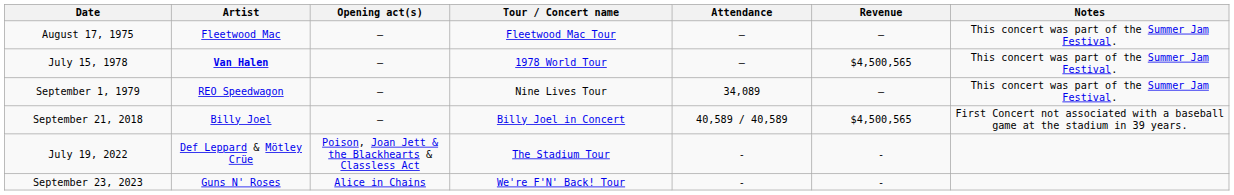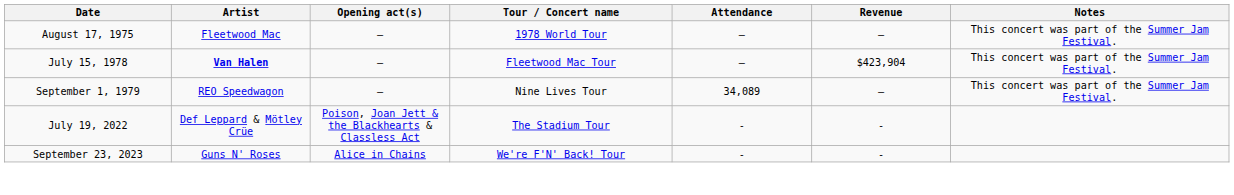 <table class="wikitable" style="text-align:center;">
 <tr>
 <th width=12% style="text-align:center;">Date</th>
 <th width=10% style="text-align:center;">Artist</th>
 <th width=10% style="text-align:center;">Opening act(s)</th>
 <th width=16% style="text-align:center;">Tour / Concert name</th>
 <th width=10% style="text-align:center;">Attendance</th>
 <th width=10% style="text-align:center;">Revenue</th>
 <th width=20% style="text-align:center;">Notes</th>
 </tr>
 <tr>
 <td>August 17, 1975</td>
 <td><a href='#'>Fleetwood Mac</a></td>
 <td>—</td>
-<td><a href='#'>Fleetwood Mac Tour</a></td>
+<td><a href='#'>1978 World Tour</a></td>
 <td>—</td>
 <td>—</td>
 <td>This concert was part of the <a href='#'>Summer Jam Festival</a>.</td>
 </tr>
 <tr>
 <td>July 15, 1978</td>
 <td><strong><a href='#'>Van Halen</a></strong></td>
 <td>—</td>
-<td><a href='#'>1978 World Tour</a></td>
+<td><a href='#'>Fleetwood Mac Tour</a></td>
 <td>—</td>
-<td>$4,500,565</td>
+<td>$423,904</td>
 <td>This concert was part of the <a href='#'>Summer Jam Festival</a>.</td>
 </tr>
 <tr>
 <td>September 1, 1979</td>
 <td><a href='#'>REO Speedwagon</a></td>
 <td>—</td>
 <td>Nine Lives Tour</td>
 <td>34,089</td>
 <td>—</td>
 <td>This concert was part of the <a href='#'>Summer Jam Festival</a>.</td>
-</tr>
-<tr>
-<td>September 21, 2018</td>
-<td><a href='#'>Billy Joel</a></td>
-<td>—</td>
-<td><a href='#'>Billy Joel in Concert</a></td>
-<td>40,589 / 40,589</td>
-<td>$4,500,565</td>
-<td>First Concert not associated with a baseball game at the stadium in 39 years.</td>
 </tr>
 <tr>
 <td>July 19, 2022</td>
 <td><a href='#'>Def Leppard</a> & <a href='#'>Mötley Crüe</a></td>
 <td><a href='#'>Poison</a>, <a href='#'>Joan Jett & the Blackhearts</a> & <a href='#'>Classless Act</a></td>
 <td><a href='#'>The Stadium Tour</a></td>
 <td>-</td>
 <td>-</td>
 <td></td>
 </tr>
 <tr>
 <td>September 23, 2023</td>
 <td><a href='#'>Guns N' Roses</a></td>
 <td><a href='#'>Alice in Chains</a></td>
 <td><a href='#'>We're F'N' Back! Tour</a></td>
 <td>-</td>
 <td>-</td>
 <td></td>
 </tr>
 </table>
